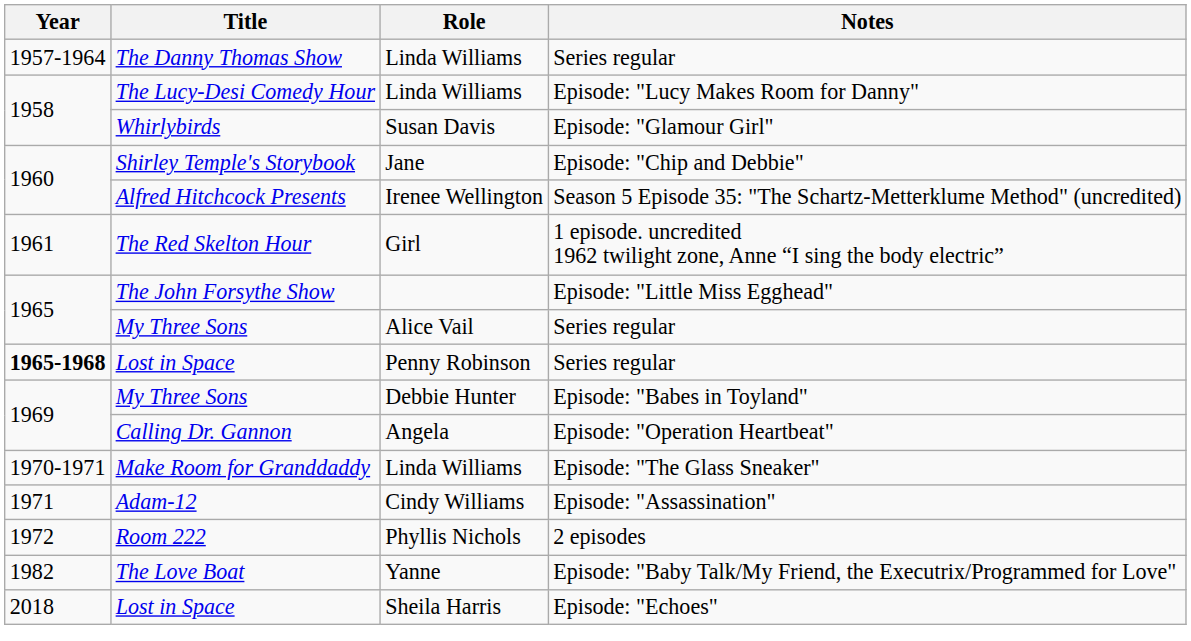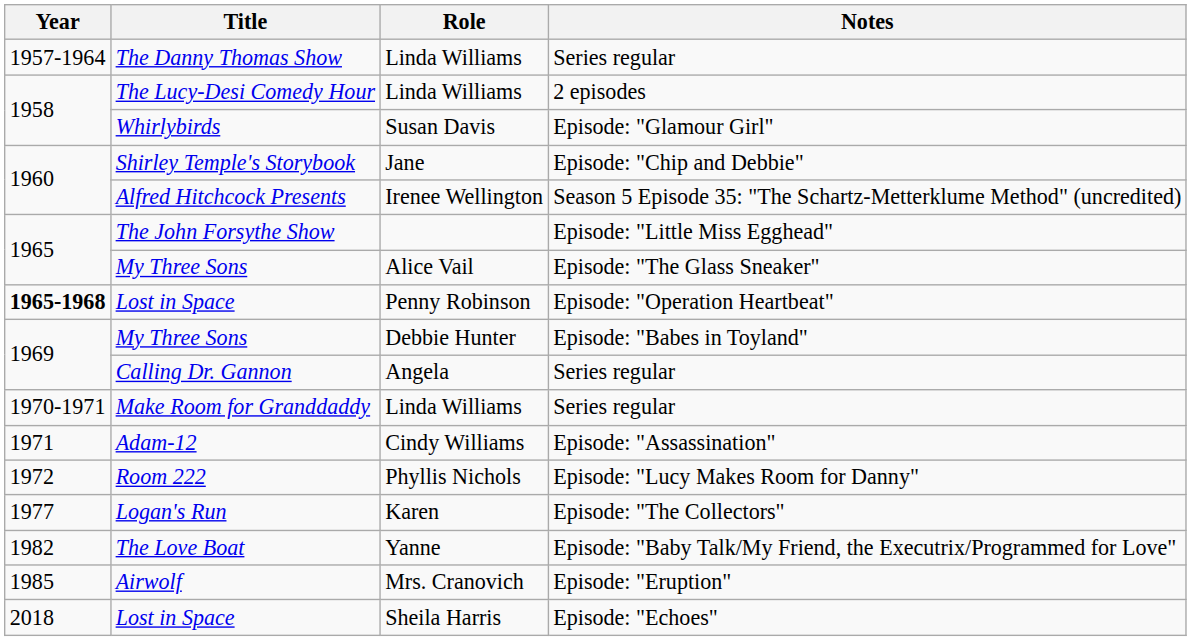 <table class="wikitable">
 <tr>
 <th>Year</th>
 <th>Title</th>
 <th>Role</th>
 <th>Notes</th>
 </tr>
 <tr>
 <td>1957-1964</td>
 <td><em><a href='#'>The Danny Thomas Show</a></em></td>
 <td>Linda Williams</td>
 <td>Series regular</td>
 </tr>
 <tr>
 <td rowspan="2">1958</td>
 <td><em><a href='#'>The Lucy-Desi Comedy Hour</a></em></td>
 <td>Linda Williams</td>
-<td>Episode: "Lucy Makes Room for Danny"</td>
+<td>2 episodes</td>
 </tr>
 <tr>
 <td><em><a href='#'>Whirlybirds</a></em></td>
 <td>Susan Davis</td>
 <td>Episode: "Glamour Girl"</td>
 </tr>
 <tr>
 <td rowspan="2">1960</td>
 <td><em><a href='#'>Shirley Temple's Storybook</a></em></td>
 <td>Jane</td>
 <td>Episode: "Chip and Debbie"</td>
 </tr>
 <tr>
 <td><em><a href='#'>Alfred Hitchcock Presents</a></em></td>
 <td>Irenee Wellington</td>
 <td>Season 5 Episode 35: "The Schartz-Metterklume Method" (uncredited)</td>
 </tr>
 <tr>
-<td>1961</td>
-<td><em><a href='#'>The Red Skelton Hour</a></em></td>
-<td>Girl</td>
-<td>1 episode. uncredited<br>1962 twilight zone, Anne “I sing the body electric”</td>
-</tr>
-<tr>
 <td rowspan="2">1965</td>
 <td><em><a href='#'>The John Forsythe Show</a></em></td>
 <td></td>
 <td>Episode: "Little Miss Egghead"</td>
 </tr>
 <tr>
 <td><em><a href='#'>My Three Sons</a></em></td>
 <td>Alice Vail</td>
-<td>Series regular</td>
+<td>Episode: "The Glass Sneaker"</td>
 </tr>
 <tr>
 <td><strong>1965-1968</strong></td>
 <td><em><a href='#'>Lost in Space</a></em></td>
 <td>Penny Robinson</td>
-<td>Series regular</td>
+<td>Episode: "Operation Heartbeat"</td>
 </tr>
 <tr>
 <td rowspan="2">1969</td>
 <td><em><a href='#'>My Three Sons</a></em></td>
 <td>Debbie Hunter</td>
 <td>Episode: "Babes in Toyland"</td>
 </tr>
 <tr>
 <td><em><a href='#'>Calling Dr. Gannon</a></em></td>
 <td>Angela</td>
-<td>Episode: "Operation Heartbeat"</td>
+<td>Series regular</td>
 </tr>
 <tr>
 <td>1970-1971</td>
 <td><em><a href='#'>Make Room for Granddaddy</a></em></td>
 <td>Linda Williams</td>
-<td>Episode: "The Glass Sneaker"</td>
+<td>Series regular</td>
 </tr>
 <tr>
 <td>1971</td>
 <td><em><a href='#'>Adam-12</a></em></td>
 <td>Cindy Williams</td>
 <td>Episode: "Assassination"</td>
 </tr>
 <tr>
 <td>1972</td>
 <td><em><a href='#'>Room 222</a></em></td>
 <td>Phyllis Nichols</td>
-<td>2 episodes</td>
+<td>Episode: "Lucy Makes Room for Danny"</td>
+</tr>
+<tr>
+<td>1977</td>
+<td><em><a href='#'>Logan's Run</a></em></td>
+<td>Karen</td>
+<td>Episode: "The Collectors"</td>
 </tr>
 <tr>
 <td>1982</td>
 <td><em><a href='#'>The Love Boat</a></em></td>
 <td>Yanne</td>
 <td>Episode: "Baby Talk/My Friend, the Executrix/Programmed for Love"</td>
 </tr>
 <tr>
+<td>1985</td>
+<td><em><a href='#'>Airwolf</a></em></td>
+<td>Mrs. Cranovich</td>
+<td>Episode: "Eruption"</td>
+</tr>
+<tr>
 <td>2018</td>
 <td><em><a href='#'>Lost in Space</a></em></td>
 <td>Sheila Harris</td>
 <td>Episode: "Echoes"</td>
 </tr>
 </table>
